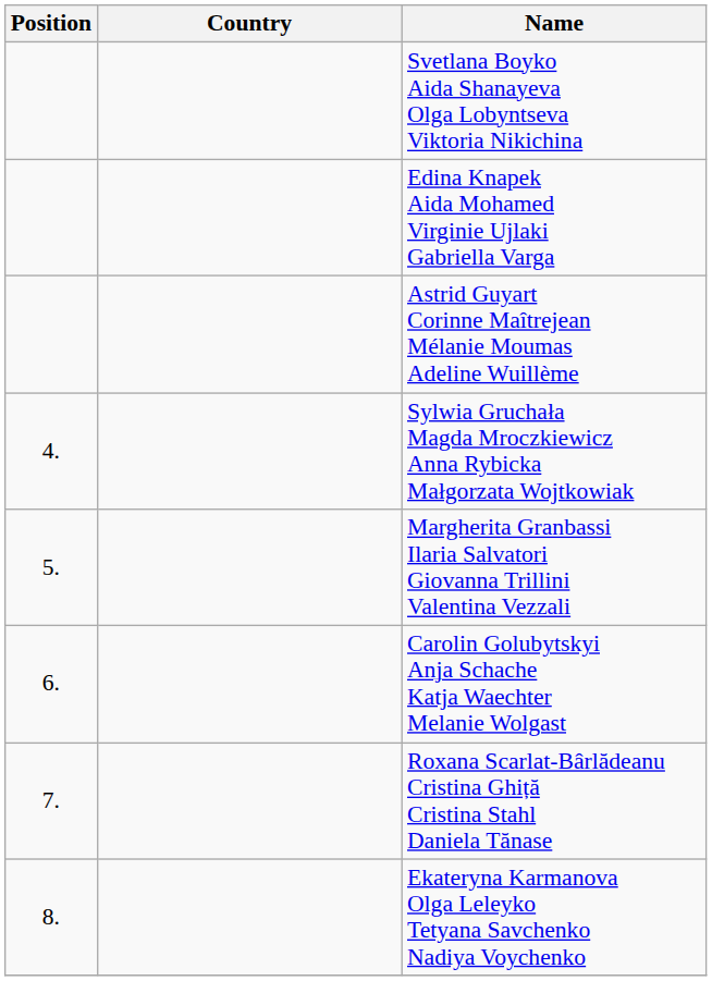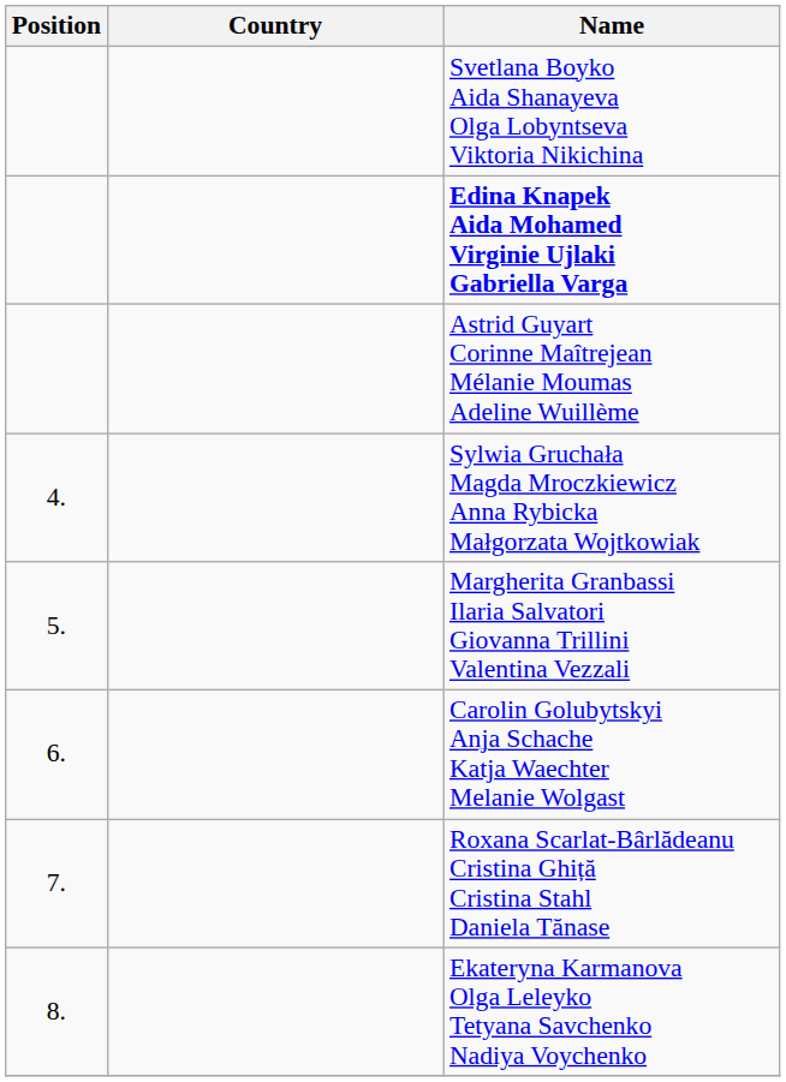 <table class="wikitable">
 <tr>
 <th width="10">Position</th>
 <th width="200">Country</th>
 <th width="200">Name</th>
 </tr>
 <tr>
 <td align="center"></td>
 <td></td>
 <td><a href='#'>Svetlana Boyko</a><br><a href='#'>Aida Shanayeva</a><br><a href='#'>Olga Lobyntseva</a><br><a href='#'>Viktoria Nikichina</a></td>
 </tr>
 <tr>
 <td align="center"></td>
 <td></td>
-<td><a href='#'>Edina Knapek</a><br><a href='#'>Aida Mohamed</a><br><a href='#'>Virginie Ujlaki</a><br><a href='#'>Gabriella Varga</a></td>
+<td><strong><a href='#'>Edina Knapek</a><br><a href='#'>Aida Mohamed</a><br><a href='#'>Virginie Ujlaki</a><br><a href='#'>Gabriella Varga</a></strong></td>
 </tr>
 <tr>
 <td align="center"></td>
 <td></td>
 <td><a href='#'>Astrid Guyart</a><br><a href='#'>Corinne Maîtrejean</a><br><a href='#'>Mélanie Moumas</a><br><a href='#'>Adeline Wuillème</a></td>
 </tr>
 <tr>
 <td align="center">4.</td>
 <td></td>
 <td><a href='#'>Sylwia Gruchała</a><br><a href='#'>Magda Mroczkiewicz</a><br><a href='#'>Anna Rybicka</a><br><a href='#'>Małgorzata Wojtkowiak</a></td>
 </tr>
 <tr>
 <td align="center">5.</td>
 <td></td>
 <td><a href='#'>Margherita Granbassi</a><br><a href='#'>Ilaria Salvatori</a><br><a href='#'>Giovanna Trillini</a><br><a href='#'>Valentina Vezzali</a></td>
 </tr>
 <tr>
 <td align="center">6.</td>
 <td></td>
 <td><a href='#'>Carolin Golubytskyi</a><br><a href='#'>Anja Schache</a><br><a href='#'>Katja Waechter</a><br><a href='#'>Melanie Wolgast</a></td>
 </tr>
 <tr>
 <td align="center">7.</td>
 <td></td>
 <td><a href='#'>Roxana Scarlat-Bârlădeanu</a><br><a href='#'>Cristina Ghiță</a><br><a href='#'>Cristina Stahl</a><br><a href='#'>Daniela Tănase</a></td>
 </tr>
 <tr>
 <td align="center">8.</td>
 <td></td>
 <td><a href='#'>Ekateryna Karmanova</a><br><a href='#'>Olga Leleyko</a><br><a href='#'>Tetyana Savchenko</a><br><a href='#'>Nadiya Voychenko</a></td>
 </tr>
 <tr>
 </tr>
 </table>
